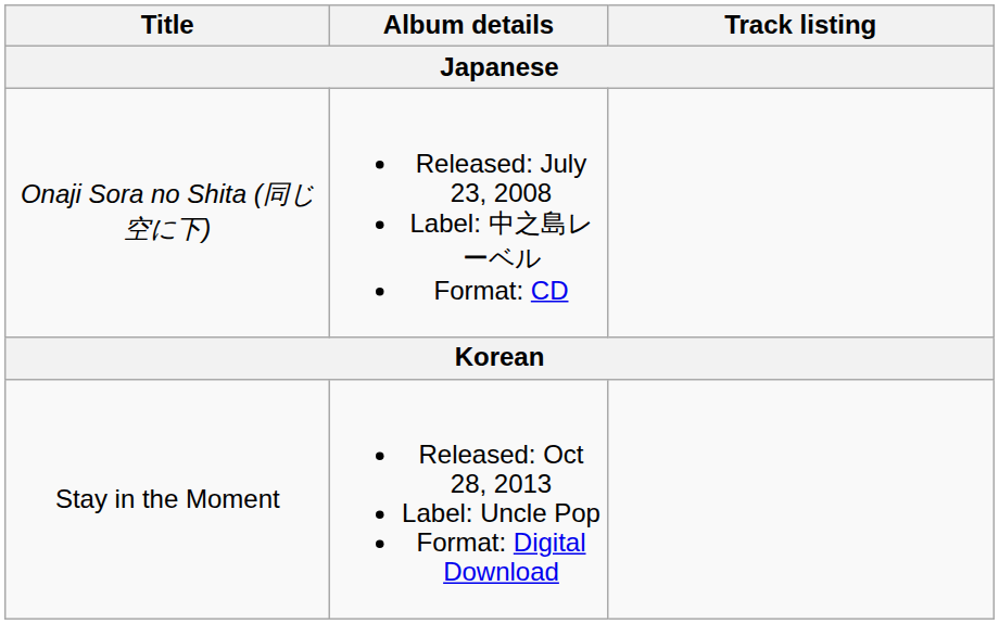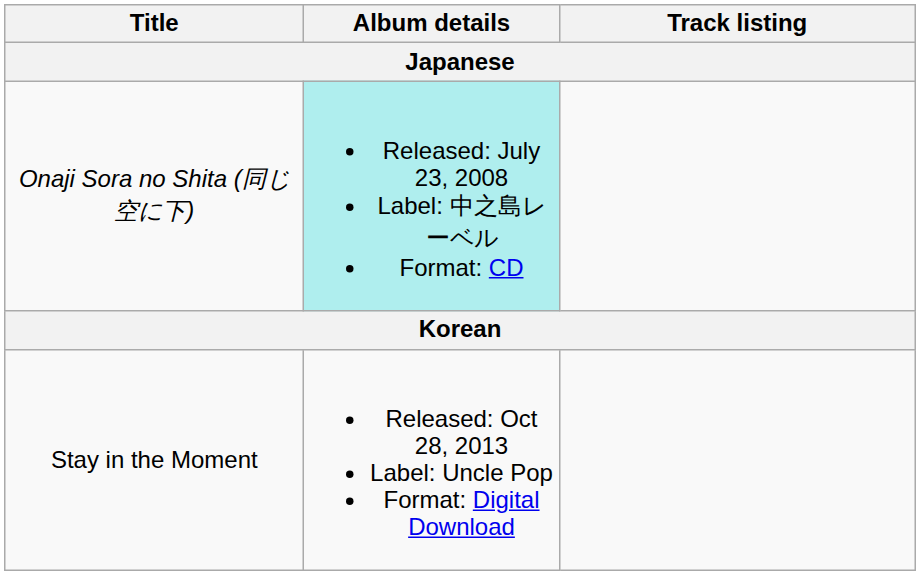 <table class="wikitable plainrowheaders" style="text-align:center;">
 <tr>
 <th rowspan="1" style="width:12em;">Title</th>
 <th rowspan="1">Album details</th>
 <th rowspan="1" style="width:230px;">Track listing</th>
 </tr>
 <tr>
 <th colspan="5">Japanese</th>
 </tr>
 <tr>
 <td><em>Onaji Sora no Shita (同じ空に下)</em></td>
-<td><br><ul><li>Released: July 23, 2008</li><li>Label: 中之島レーベル</li><li>Format: <a href='#'>CD</a></li></ul></td>
+<td style="background: paleturquoise;"><br><ul><li>Released: July 23, 2008</li><li>Label: 中之島レーベル</li><li>Format: <a href='#'>CD</a></li></ul></td>
 <td></td>
 </tr>
 <tr>
 <th colspan="5">Korean</th>
 </tr>
 <tr>
 <td>Stay in the Moment</td>
 <td><br><ul><li>Released: Oct 28, 2013</li><li>Label: Uncle Pop</li><li>Format: <a href='#'>Digital Download</a></li></ul></td>
 <td></td>
 </tr>
 </table>
